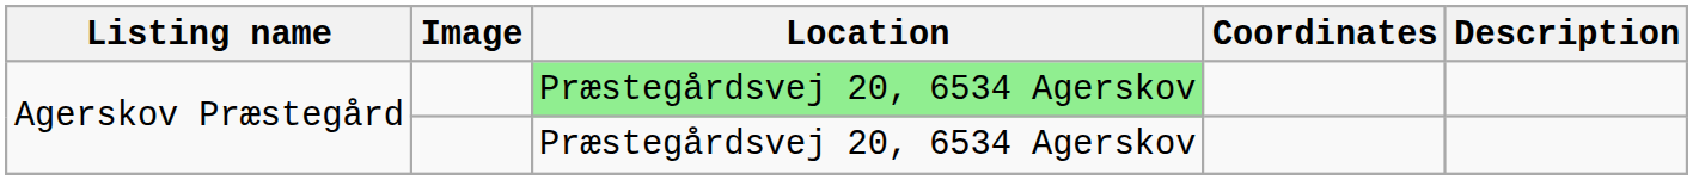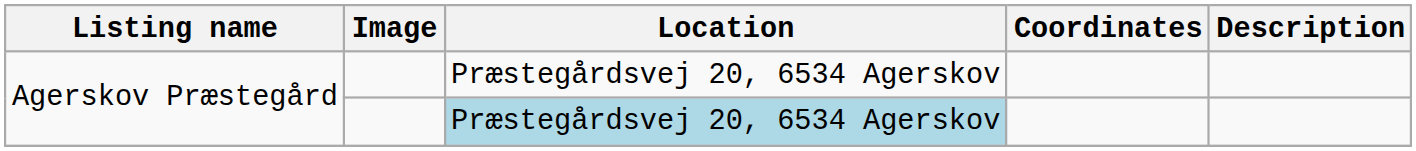 <table class="wikitable sortable">
 <tr>
 <th>Listing name</th>
 <th>Image</th>
 <th>Location</th>
 <th>Coordinates</th>
 <th>Description</th>
 </tr>
 <tr>
 <td rowspan="2">Agerskov Præstegård</td>
 <td></td>
-<td style="background: lightgreen;">Præstegårdsvej 20, 6534 Agerskov</td>
+<td>Præstegårdsvej 20, 6534 Agerskov</td>
 <td></td>
 <td></td>
 </tr>
 <tr>
 <td></td>
-<td>Præstegårdsvej 20, 6534 Agerskov</td>
+<td style="background: lightblue;">Præstegårdsvej 20, 6534 Agerskov</td>
 <td></td>
 <td></td>
 </tr>
 <tr>
 </tr>
 </table>
